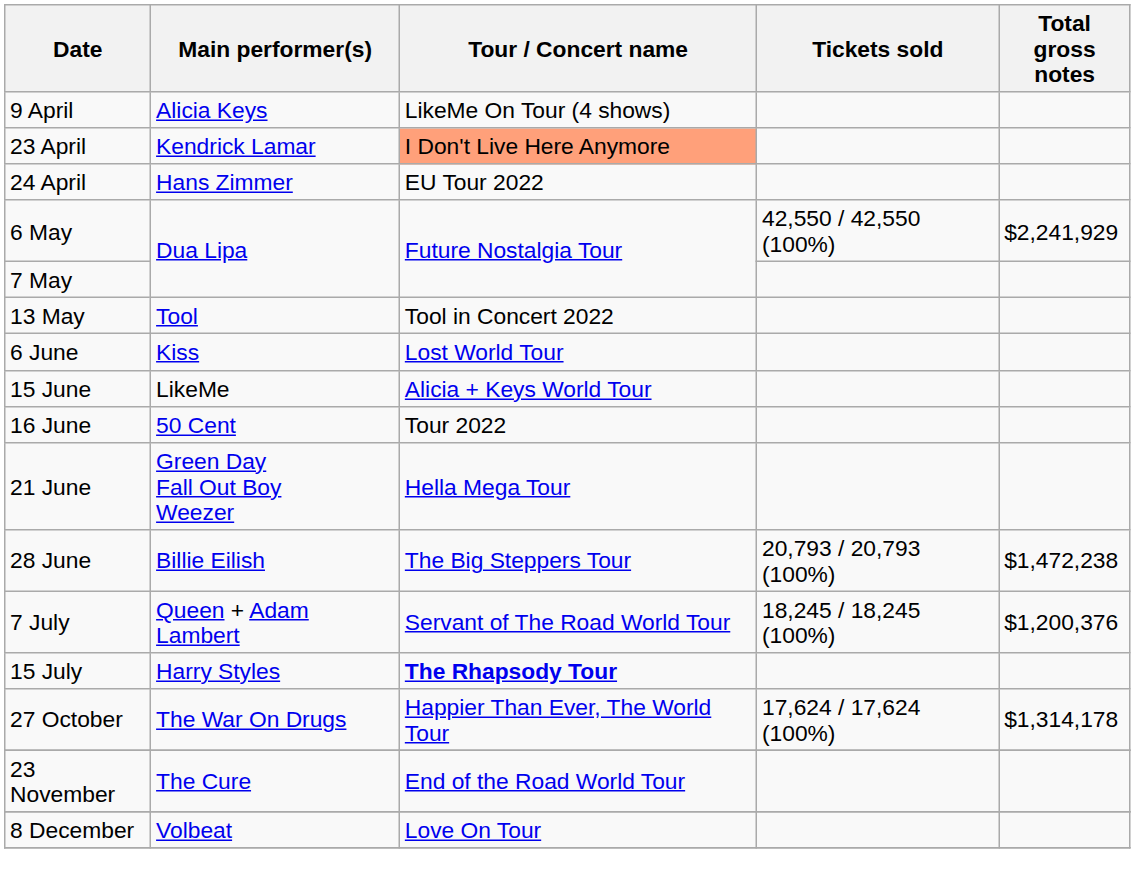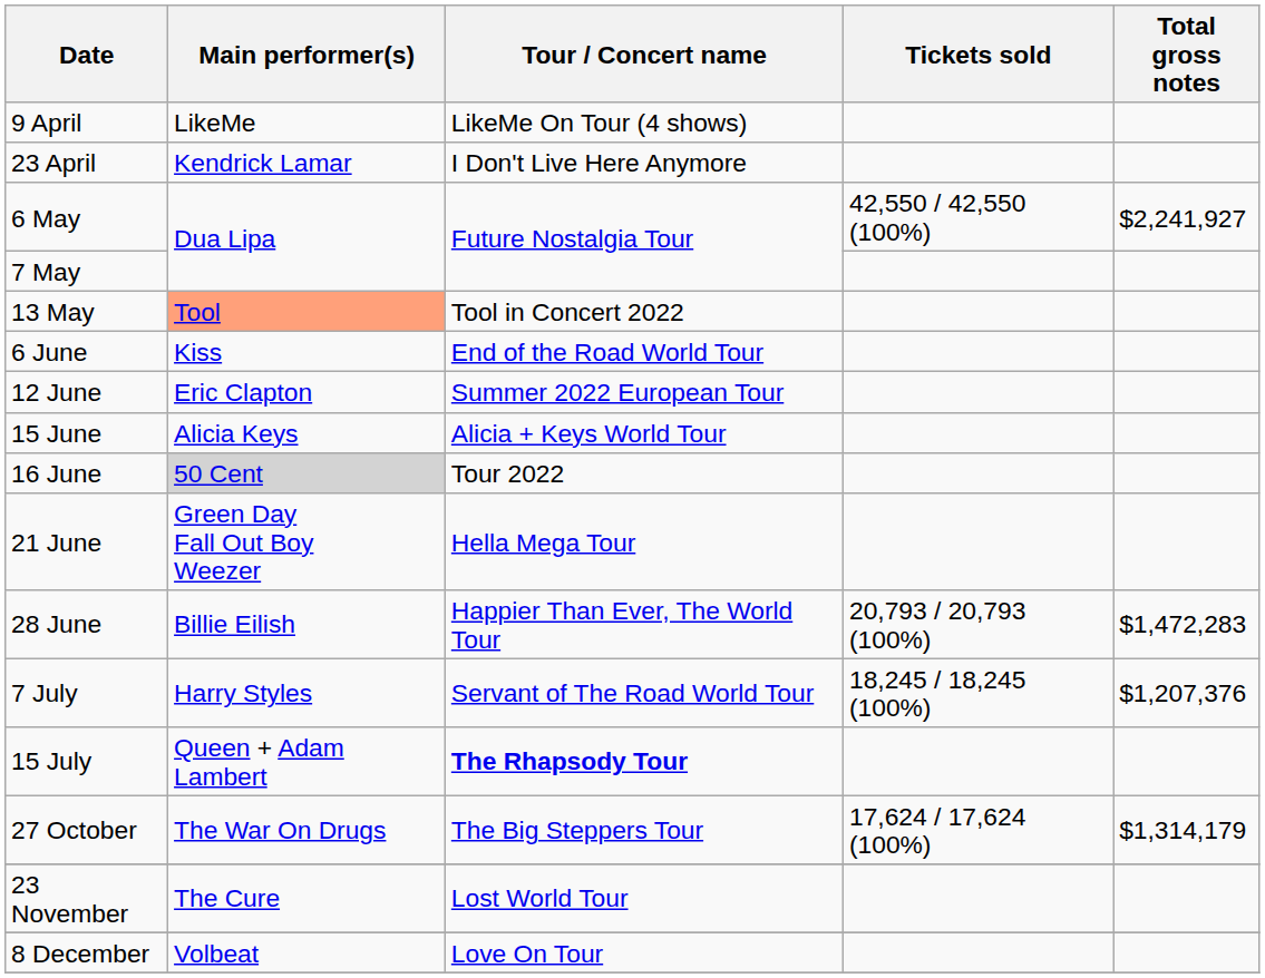 <table class="wikitable"  style="text-align:left; font-size:95%; width:85%;">
 <tr>
 <th style="text-align:center;">Date</th>
 <th style="text-align:center;">Main performer(s)</th>
 <th style="text-align:center;">Tour / Concert name</th>
 <th style="text-align:center;">Tickets sold</th>
 <th style="text-align:center;">Total gross<br>notes</th>
 </tr>
 <tr>
 <td>9 April</td>
-<td><a href='#'>Alicia Keys</a></td>
+<td>LikeMe</td>
 <td>LikeMe On Tour (4 shows)</td>
 <td></td>
 <td></td>
 </tr>
 <tr>
 <td>23 April</td>
 <td><a href='#'>Kendrick Lamar</a></td>
-<td style="background: lightsalmon;">I Don't Live Here Anymore</td>
-<td></td>
-<td></td>
-</tr>
-<tr>
-<td>24 April</td>
-<td><a href='#'>Hans Zimmer</a></td>
-<td>EU Tour 2022</td>
+<td>I Don't Live Here Anymore</td>
 <td></td>
 <td></td>
 </tr>
 <tr>
 <td>6 May</td>
 <td rowspan="2"><a href='#'>Dua Lipa</a></td>
 <td rowspan="2"><a href='#'>Future Nostalgia Tour</a></td>
 <td>42,550 / 42,550 (100%)</td>
-<td>$2,241,929</td>
+<td>$2,241,927</td>
 </tr>
 <tr>
 <td>7 May</td>
 <td></td>
 <td></td>
 </tr>
 <tr>
 <td>13 May</td>
-<td><a href='#'>Tool</a></td>
+<td style="background: lightsalmon;"><a href='#'>Tool</a></td>
 <td>Tool in Concert 2022</td>
 <td></td>
 <td></td>
 </tr>
 <tr>
 <td>6 June</td>
 <td><a href='#'>Kiss</a></td>
-<td><a href='#'>Lost World Tour</a></td>
+<td><a href='#'>End of the Road World Tour</a></td>
+<td></td>
+<td></td>
+</tr>
+<tr>
+<td>12 June</td>
+<td><a href='#'>Eric Clapton</a></td>
+<td><a href='#'>Summer 2022 European Tour</a></td>
 <td></td>
 <td></td>
 </tr>
 <tr>
 <td>15 June</td>
-<td>LikeMe</td>
+<td><a href='#'>Alicia Keys</a></td>
 <td><a href='#'>Alicia + Keys World Tour</a></td>
 <td></td>
 <td></td>
 </tr>
 <tr>
 <td>16 June</td>
-<td><a href='#'>50 Cent</a></td>
+<td style="background: lightgrey;"><a href='#'>50 Cent</a></td>
 <td>Tour 2022</td>
 <td></td>
 <td></td>
 </tr>
 <tr>
 <td>21 June</td>
 <td><a href='#'>Green Day</a><br><a href='#'>Fall Out Boy</a><br><a href='#'>Weezer</a></td>
 <td><a href='#'>Hella Mega Tour</a></td>
 <td></td>
 <td></td>
 </tr>
 <tr>
 <td>28 June</td>
 <td><a href='#'>Billie Eilish</a></td>
-<td><a href='#'>The Big Steppers Tour</a></td>
+<td><a href='#'>Happier Than Ever, The World Tour</a></td>
 <td>20,793 / 20,793 (100%)</td>
-<td>$1,472,238</td>
+<td>$1,472,283</td>
 </tr>
 <tr>
 <td>7 July</td>
-<td><a href='#'>Queen</a> + <a href='#'>Adam Lambert</a></td>
+<td><a href='#'>Harry Styles</a></td>
 <td><a href='#'>Servant of The Road World Tour</a></td>
 <td>18,245 / 18,245 (100%)</td>
-<td>$1,200,376</td>
+<td>$1,207,376</td>
 </tr>
 <tr>
 <td>15 July</td>
-<td><a href='#'>Harry Styles</a></td>
+<td><a href='#'>Queen</a> + <a href='#'>Adam Lambert</a></td>
 <td><strong><a href='#'>The Rhapsody Tour</a></strong></td>
 <td></td>
 <td></td>
 </tr>
 <tr>
 <td>27 October</td>
 <td><a href='#'>The War On Drugs</a></td>
-<td><a href='#'>Happier Than Ever, The World Tour</a></td>
+<td><a href='#'>The Big Steppers Tour</a></td>
 <td>17,624 / 17,624 (100%)</td>
-<td>$1,314,178</td>
+<td>$1,314,179</td>
 </tr>
 <tr ||||>
 </tr>
 <tr>
 <td>23 November</td>
 <td><a href='#'>The Cure</a></td>
-<td><a href='#'>End of the Road World Tour</a></td>
+<td><a href='#'>Lost World Tour</a></td>
 <td></td>
 <td></td>
 </tr>
 <tr>
 </tr>
 <tr>
 <td>8 December</td>
 <td><a href='#'>Volbeat</a></td>
 <td><a href='#'>Love On Tour</a></td>
 <td></td>
 <td></td>
 </tr>
 <tr>
 </tr>
 </table>
